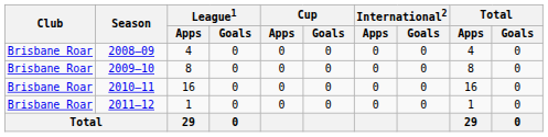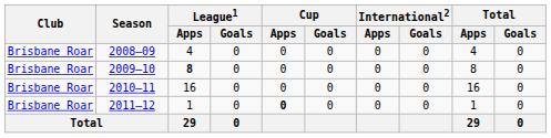 <table class="wikitable" style="text-align: center;">
 <tr>
 <th rowspan="2">Club</th>
 <th rowspan="2" width="80">Season</th>
 <th colspan="2" width="105">League<sup>1</sup></th>
 <th colspan="2" width="105">Cup</th>
 <th colspan="2" width="105">International<sup>2</sup></th>
 <th colspan="2" width="105">Total</th>
 </tr>
 <tr>
 <th>Apps</th>
 <th>Goals</th>
 <th>Apps</th>
 <th>Goals</th>
 <th>Apps</th>
 <th>Goals</th>
 <th>Apps</th>
 <th>Goals</th>
 </tr>
 <tr>
 <td rowspan="1" valign="center"><a href='#'>Brisbane Roar</a></td>
 <td><a href='#'>2008–09</a></td>
 <td>4</td>
 <td>0</td>
 <td>0</td>
 <td>0</td>
 <td>0</td>
 <td>0</td>
 <td>4</td>
 <td>0</td>
 </tr>
 <tr>
 <td rowspan="1" valign="center"><a href='#'>Brisbane Roar</a></td>
 <td><a href='#'>2009–10</a></td>
-<td>8</td>
+<td><strong>8</strong></td>
 <td>0</td>
 <td>0</td>
 <td>0</td>
 <td>0</td>
 <td>0</td>
 <td>8</td>
 <td>0</td>
 </tr>
 <tr>
 <td rowspan="1" valign="center"><a href='#'>Brisbane Roar</a></td>
 <td><a href='#'>2010–11</a></td>
 <td>16</td>
 <td>0</td>
 <td>0</td>
 <td>0</td>
 <td>0</td>
 <td>0</td>
 <td>16</td>
 <td>0</td>
 </tr>
 <tr>
 <td rowspan="1" valign="center"><a href='#'>Brisbane Roar</a></td>
 <td><a href='#'>2011–12</a></td>
 <td>1</td>
 <td>0</td>
-<td>0</td>
+<td><strong>0</strong></td>
 <td>0</td>
 <td>0</td>
 <td>0</td>
 <td>1</td>
 <td>0</td>
 </tr>
 <tr>
 <th colspan="2">Total</th>
 <th>29</th>
 <th>0</th>
 <th></th>
 <th></th>
 <th></th>
 <th></th>
 <th>29</th>
 <th>0</th>
 </tr>
 </table>
